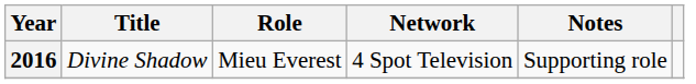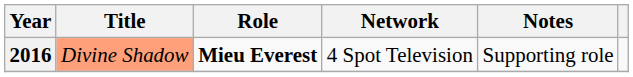 <table class="wikitable plainrowheaders sortable">
 <tr>
 <th scope="col">Year</th>
 <th scope="col">Title</th>
 <th scope="col">Role</th>
 <th scope="col">Network</th>
 <th scope="col">Notes</th>
 <th scope="col" class="unsortable"></th>
 </tr>
 <tr>
 <th scope="row">2016</th>
-<td><em>Divine Shadow</em></td>
-<td>Mieu Everest</td>
+<td style="background: lightsalmon;"><em>Divine Shadow</em></td>
+<td><strong>Mieu Everest</strong></td>
 <td>4 Spot Television</td>
 <td>Supporting role</td>
 <td style="text-align:center"></td>
 </tr>
 <tr>
 </tr>
 <tr>
 </tr>
 </table>
